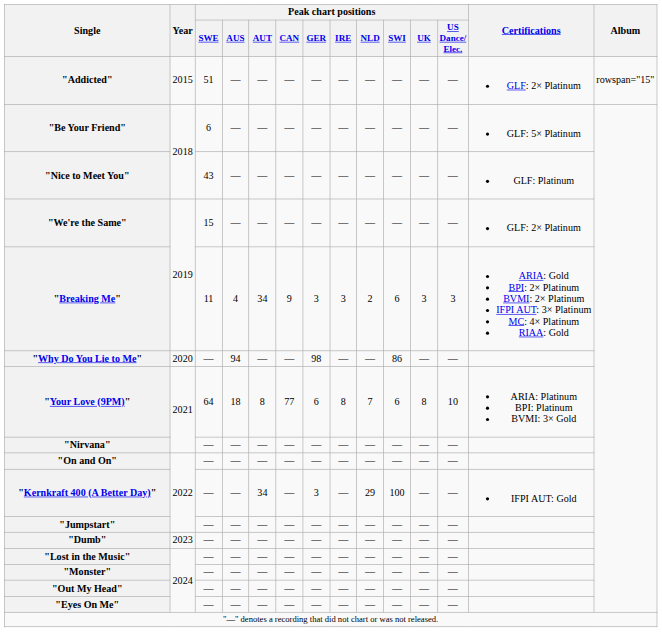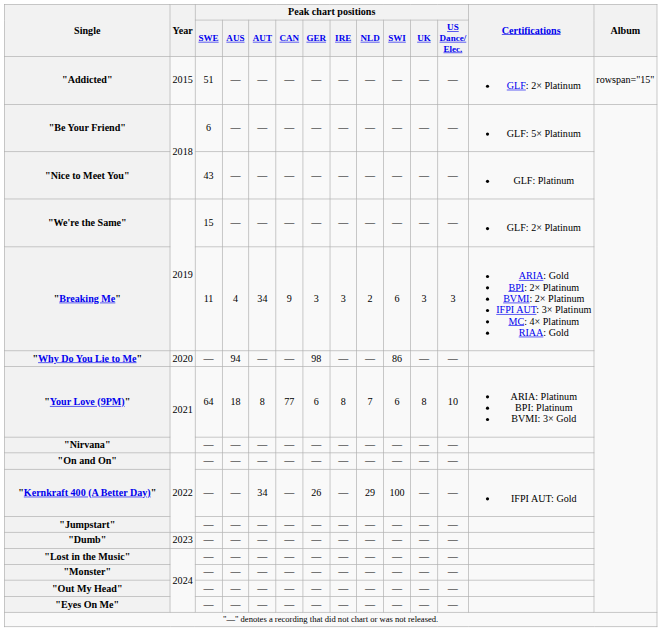 <table class="wikitable plainrowheaders" style="text-align:center;">
 <tr>
 <th scope="col" rowspan="2" style="width:16em;">Single</th>
 <th scope="col" rowspan="2" style="width:1em;">Year</th>
 <th scope="col" colspan="10">Peak chart positions</th>
 <th scope="col" rowspan="2" style="width:12em;"><a href='#'>Certifications</a></th>
 <th scope="col" rowspan="2" style="width:1em;">Album</th>
 </tr>
 <tr>
 <th scope="col" style="width:2.5em;font-size:90%;"><a href='#'>SWE</a><br></th>
 <th scope="col" style="width:2.5em;font-size:90%;"><a href='#'>AUS</a><br></th>
 <th scope="col" style="width:2.5em;font-size:90%;"><a href='#'>AUT</a><br></th>
 <th scope="col" style="width:2.5em;font-size:90%;"><a href='#'>CAN</a><br></th>
 <th scope="col" style="width:2.5em;font-size:90%;"><a href='#'>GER</a><br></th>
 <th scope="col" style="width:2.5em;font-size:90%;"><a href='#'>IRE</a><br></th>
 <th scope="col" style="width:2.5em;font-size:90%;"><a href='#'>NLD</a><br></th>
 <th scope="col" style="width:2.5em;font-size:90%;"><a href='#'>SWI</a><br></th>
 <th scope="col" style="width:2.5em;font-size:90%;"><a href='#'>UK</a><br></th>
 <th scope="col" style="width:2.5em;font-size:90%;"><a href='#'>US<br>Dance/<br>Elec.</a><br></th>
 </tr>
 <tr>
 <th scope="row">"Addicted"<br></th>
 <td>2015</td>
 <td>51</td>
 <td>—</td>
 <td>—</td>
 <td>—</td>
 <td>—</td>
 <td>—</td>
 <td>—</td>
 <td>—</td>
 <td>—</td>
 <td>—</td>
 <td><br><ul><li><a href='#'>GLF</a>: 2× Platinum</li></ul></td>
 <td>rowspan="15" </td>
 </tr>
 <tr>
 <th scope="row">"Be Your Friend"<br></th>
 <td rowspan="2">2018</td>
 <td>6</td>
 <td>—</td>
 <td>—</td>
 <td>—</td>
 <td>—</td>
 <td>—</td>
 <td>—</td>
 <td>—</td>
 <td>—</td>
 <td>—</td>
 <td><br><ul><li>GLF: 5× Platinum</li></ul></td>
 </tr>
 <tr>
 <th scope="row">"Nice to Meet You"<br></th>
 <td>43</td>
 <td>—</td>
 <td>—</td>
 <td>—</td>
 <td>—</td>
 <td>—</td>
 <td>—</td>
 <td>—</td>
 <td>—</td>
 <td>—</td>
 <td><br><ul><li>GLF: Platinum</li></ul></td>
 </tr>
 <tr>
 <th scope="row">"We're the Same"<br></th>
 <td rowspan="2">2019</td>
 <td>15</td>
 <td>—</td>
 <td>—</td>
 <td>—</td>
 <td>—</td>
 <td>—</td>
 <td>—</td>
 <td>—</td>
 <td>—</td>
 <td>—</td>
 <td><br><ul><li>GLF: 2× Platinum</li></ul></td>
 </tr>
 <tr>
 <th scope="row">"<a href='#'>Breaking Me</a>"<br></th>
 <td>11</td>
 <td>4</td>
 <td>34</td>
 <td>9</td>
 <td>3</td>
 <td>3</td>
 <td>2</td>
 <td>6</td>
 <td>3</td>
 <td>3</td>
 <td><br><ul><li><a href='#'>ARIA</a>: Gold</li><li><a href='#'>BPI</a>: 2× Platinum</li><li><a href='#'>BVMI</a>: 2× Platinum</li><li><a href='#'>IFPI AUT</a>: 3× Platinum</li><li><a href='#'>MC</a>: 4× Platinum</li><li><a href='#'>RIAA</a>: Gold</li></ul></td>
 </tr>
 <tr>
 <th scope="row">"<a href='#'>Why Do You Lie to Me</a>"<br></th>
 <td>2020</td>
 <td>—</td>
 <td>94</td>
 <td>—</td>
 <td>—</td>
 <td>98</td>
 <td>—</td>
 <td>—</td>
 <td>86</td>
 <td>—</td>
 <td>—</td>
 <td></td>
 </tr>
 <tr>
 <th scope="row">"<a href='#'>Your Love (9PM)</a>"<br></th>
 <td rowspan="2">2021</td>
 <td>64</td>
 <td>18</td>
 <td>8</td>
 <td>77</td>
 <td>6</td>
 <td>8<br></td>
 <td>7</td>
 <td>6</td>
 <td>8</td>
 <td>10</td>
 <td><br><ul><li>ARIA: Platinum</li><li>BPI: Platinum</li><li>BVMI: 3× Gold</li></ul></td>
 </tr>
 <tr>
 <th scope="row">"Nirvana"</th>
 <td>—</td>
 <td>—</td>
 <td>—</td>
 <td>—</td>
 <td>—</td>
 <td>—</td>
 <td>—</td>
 <td>—</td>
 <td>—</td>
 <td>—</td>
 <td></td>
 </tr>
 <tr>
 <th scope="row">"On and On"<br></th>
 <td rowspan="3">2022</td>
 <td>—</td>
 <td>—</td>
 <td>—</td>
 <td>—</td>
 <td>—</td>
 <td>—</td>
 <td>—</td>
 <td>—</td>
 <td>—</td>
 <td>—</td>
 <td></td>
 </tr>
 <tr>
 <th scope="row">"<a href='#'>Kernkraft 400 (A Better Day)</a>"<br></th>
 <td>—</td>
 <td>—</td>
 <td>34</td>
 <td>—</td>
-<td>3</td>
+<td>26</td>
 <td>—</td>
 <td>29</td>
 <td>100</td>
 <td>—</td>
 <td>—</td>
 <td><br><ul><li>IFPI AUT: Gold</li></ul></td>
 </tr>
 <tr>
 <th scope="row">"Jumpstart"</th>
 <td>—</td>
 <td>—</td>
 <td>—</td>
 <td>—</td>
 <td>—</td>
 <td>—</td>
 <td>—</td>
 <td>—</td>
 <td>—</td>
 <td>—</td>
 <td></td>
 </tr>
 <tr>
 <th scope="row">"Dumb"</th>
 <td rowspan="1">2023</td>
 <td>—</td>
 <td>—</td>
 <td>—</td>
 <td>—</td>
 <td>—</td>
 <td>—</td>
 <td>—</td>
 <td>—</td>
 <td>—</td>
 <td>—</td>
 <td></td>
 </tr>
 <tr>
 <th scope="row">"Lost in the Music"</th>
 <td rowspan="4">2024</td>
 <td>—</td>
 <td>—</td>
 <td>—</td>
 <td>—</td>
 <td>—</td>
 <td>—</td>
 <td>—</td>
 <td>—</td>
 <td>—</td>
 <td>—</td>
 <td></td>
 </tr>
 <tr>
 <th scope="row">"Monster"<br></th>
 <td>—</td>
 <td>—</td>
 <td>—</td>
 <td>—</td>
 <td>—</td>
 <td>—</td>
 <td>—</td>
 <td>—</td>
 <td>—</td>
 <td>—</td>
 <td></td>
 </tr>
 <tr>
 <th scope="row">"Out My Head"<br></th>
 <td>—</td>
 <td>—</td>
 <td>—</td>
 <td>—</td>
 <td>—</td>
 <td>—</td>
 <td>—</td>
 <td>—</td>
 <td>—</td>
 <td>—</td>
 <td></td>
 </tr>
 <tr>
 <th scope="row">"Eyes On Me"</th>
 <td>—</td>
 <td>—</td>
 <td>—</td>
 <td>—</td>
 <td>—</td>
 <td>—</td>
 <td>—</td>
 <td>—</td>
 <td>—</td>
 <td>—</td>
 <td></td>
 </tr>
 <tr>
 <td colspan="14" style="font-size:85%">"—" denotes a recording that did not chart or was not released.</td>
 </tr>
 </table>
